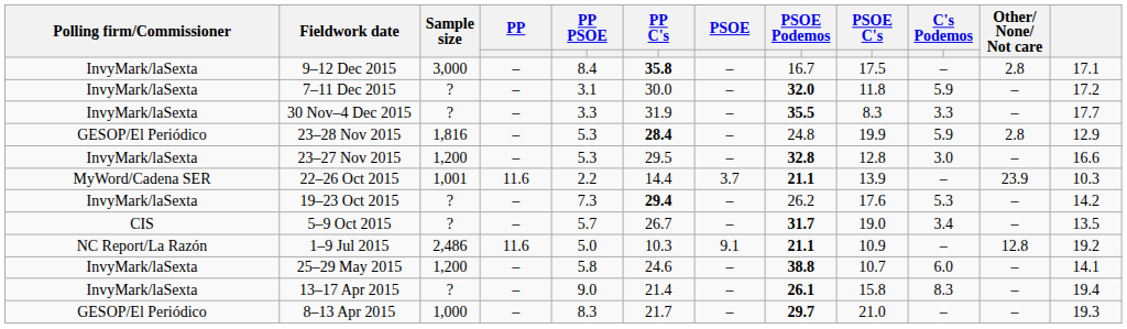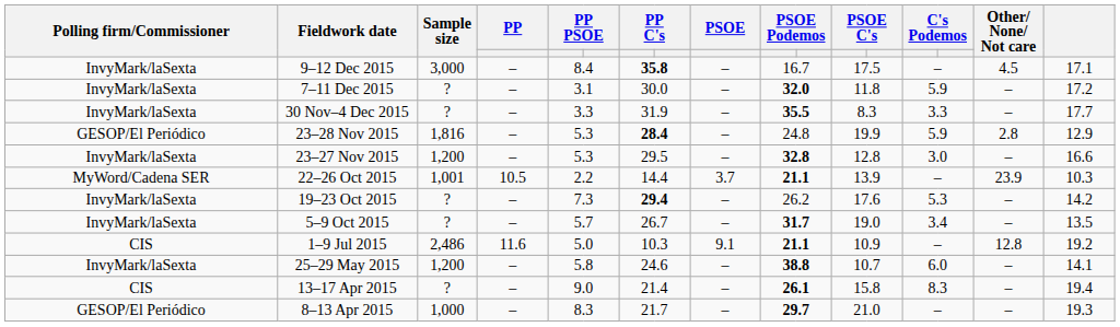 <table class="wikitable collapsible collapsed" style="text-align:center; font-size:90%; line-height:14px;">
 <tr style="height:42px;">
 <th style="width:250px;" rowspan="2">Polling firm/Commissioner</th>
 <th style="width:125px;" rowspan="2">Fieldwork date</th>
 <th style="width:50px;" rowspan="2">Sample size</th>
 <th style="width:60px;"><a href='#'>PP</a></th>
 <th style="width:60px;" colspan="2"><a href='#'>PP</a><br><a href='#'>PSOE</a></th>
 <th style="width:60px;" colspan="2"><a href='#'>PP</a><br><a href='#'>C's</a></th>
 <th style="width:60px;"><a href='#'>PSOE</a></th>
 <th style="width:60px;" colspan="2"><a href='#'>PSOE</a><br><a href='#'>Podemos</a></th>
 <th style="width:60px;" colspan="2"><a href='#'>PSOE</a><br><a href='#'>C's</a></th>
 <th style="width:60px;" colspan="2"><a href='#'>C's</a><br><a href='#'>Podemos</a></th>
 <th style="width:60px;" rowspan="2">Other/<br>None/<br>Not care</th>
 <th style="width:60px;" rowspan="2"></th>
 </tr>
 <tr>
 <th style="color:inherit;background:"></th>
 <th style="color:inherit;background:"></th>
 <th style="color:inherit;background:"></th>
 <th style="color:inherit;background:"></th>
 <th style="color:inherit;background:"></th>
 <th style="color:inherit;background:"></th>
 <th style="color:inherit;background:"></th>
 <th style="color:inherit;background:"></th>
 <th style="color:inherit;background:"></th>
 <th style="color:inherit;background:"></th>
 <th style="color:inherit;background:"></th>
 <th style="color:inherit;background:"></th>
 </tr>
 <tr>
 <td>InvyMark/laSexta</td>
 <td>9–12 Dec 2015</td>
 <td>3,000</td>
 <td>–</td>
 <td colspan="2">8.4</td>
 <td colspan="2" ><strong>35.8</strong></td>
 <td>–</td>
 <td colspan="2">16.7</td>
 <td colspan="2">17.5</td>
 <td colspan="2">–</td>
-<td>2.8</td>
+<td>4.5</td>
 <td>17.1</td>
 </tr>
 <tr>
 <td>InvyMark/laSexta</td>
 <td>7–11 Dec 2015</td>
 <td>?</td>
 <td>–</td>
 <td colspan="2">3.1</td>
 <td colspan="2">30.0</td>
 <td>–</td>
 <td colspan="2" ><strong>32.0</strong></td>
 <td colspan="2">11.8</td>
 <td colspan="2">5.9</td>
 <td>–</td>
 <td>17.2</td>
 </tr>
 <tr>
 <td>InvyMark/laSexta</td>
 <td>30 Nov–4 Dec 2015</td>
 <td>?</td>
 <td>–</td>
 <td colspan="2">3.3</td>
 <td colspan="2">31.9</td>
 <td>–</td>
 <td colspan="2" ><strong>35.5</strong></td>
 <td colspan="2">8.3</td>
 <td colspan="2">3.3</td>
 <td>–</td>
 <td>17.7</td>
 </tr>
 <tr>
 <td>GESOP/El Periódico</td>
 <td>23–28 Nov 2015</td>
 <td>1,816</td>
 <td>–</td>
 <td colspan="2">5.3</td>
 <td colspan="2" ><strong>28.4</strong></td>
 <td>–</td>
 <td colspan="2">24.8</td>
 <td colspan="2">19.9</td>
 <td colspan="2">5.9</td>
 <td>2.8</td>
 <td>12.9</td>
 </tr>
 <tr>
 <td>InvyMark/laSexta</td>
 <td>23–27 Nov 2015</td>
 <td>1,200</td>
 <td>–</td>
 <td colspan="2">5.3</td>
 <td colspan="2">29.5</td>
 <td>–</td>
 <td colspan="2" ><strong>32.8</strong></td>
 <td colspan="2">12.8</td>
 <td colspan="2">3.0</td>
 <td>–</td>
 <td>16.6</td>
 </tr>
 <tr>
 <td>MyWord/Cadena SER</td>
 <td>22–26 Oct 2015</td>
 <td>1,001</td>
-<td>11.6</td>
+<td>10.5</td>
 <td colspan="2">2.2</td>
 <td colspan="2">14.4</td>
 <td>3.7</td>
 <td colspan="2" ><strong>21.1</strong></td>
 <td colspan="2">13.9</td>
 <td colspan="2">–</td>
 <td>23.9</td>
 <td>10.3</td>
 </tr>
 <tr>
 <td>InvyMark/laSexta</td>
 <td>19–23 Oct 2015</td>
 <td>?</td>
 <td>–</td>
 <td colspan="2">7.3</td>
 <td colspan="2" ><strong>29.4</strong></td>
 <td>–</td>
 <td colspan="2">26.2</td>
 <td colspan="2">17.6</td>
 <td colspan="2">5.3</td>
 <td>–</td>
 <td>14.2</td>
 </tr>
 <tr>
-<td>CIS</td>
+<td>InvyMark/laSexta</td>
 <td>5–9 Oct 2015</td>
 <td>?</td>
 <td>–</td>
 <td colspan="2">5.7</td>
 <td colspan="2">26.7</td>
 <td>–</td>
 <td colspan="2" ><strong>31.7</strong></td>
 <td colspan="2">19.0</td>
 <td colspan="2">3.4</td>
 <td>–</td>
 <td>13.5</td>
 </tr>
 <tr>
-<td>NC Report/La Razón</td>
+<td>CIS</td>
 <td>1–9 Jul 2015</td>
 <td>2,486</td>
 <td>11.6</td>
 <td colspan="2">5.0</td>
 <td colspan="2">10.3</td>
 <td>9.1</td>
 <td colspan="2" ><strong>21.1</strong></td>
 <td colspan="2">10.9</td>
 <td colspan="2">–</td>
 <td>12.8</td>
 <td>19.2</td>
 </tr>
 <tr>
 <td>InvyMark/laSexta</td>
 <td>25–29 May 2015</td>
 <td>1,200</td>
 <td>–</td>
 <td colspan="2">5.8</td>
 <td colspan="2">24.6</td>
 <td>–</td>
 <td colspan="2" ><strong>38.8</strong></td>
 <td colspan="2">10.7</td>
 <td colspan="2">6.0</td>
 <td>–</td>
 <td>14.1</td>
 </tr>
 <tr>
-<td>InvyMark/laSexta</td>
+<td>CIS</td>
 <td>13–17 Apr 2015</td>
 <td>?</td>
 <td>–</td>
 <td colspan="2">9.0</td>
 <td colspan="2">21.4</td>
 <td>–</td>
 <td colspan="2" ><strong>26.1</strong></td>
 <td colspan="2">15.8</td>
 <td colspan="2">8.3</td>
 <td>–</td>
 <td>19.4</td>
 </tr>
 <tr>
 <td>GESOP/El Periódico</td>
 <td>8–13 Apr 2015</td>
 <td>1,000</td>
 <td>–</td>
 <td colspan="2">8.3</td>
 <td colspan="2">21.7</td>
 <td>–</td>
 <td colspan="2" ><strong>29.7</strong></td>
 <td colspan="2">21.0</td>
 <td colspan="2">–</td>
 <td>–</td>
 <td>19.3</td>
 </tr>
 </table>
